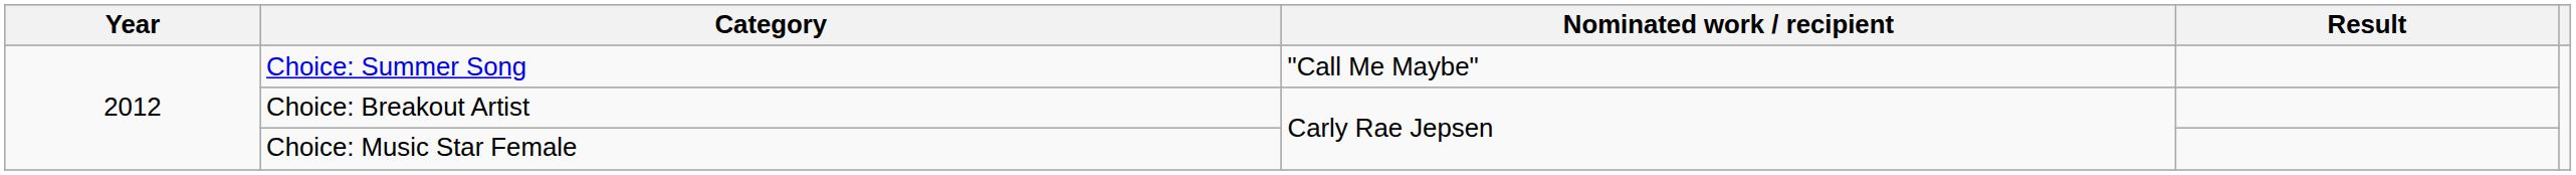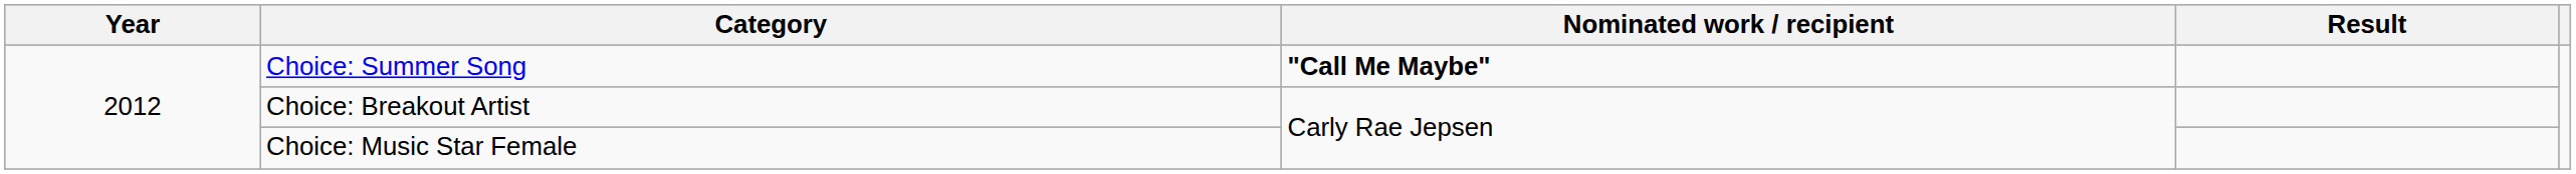 <table width="80%" class="wikitable">
 <tr>
 <th style="width:10%;">Year</th>
 <th style="width:40%;">Category</th>
 <th style="width:35%;">Nominated work / recipient</th>
 <th style="width:15%;">Result</th>
 <th></th>
 </tr>
 <tr>
 <td rowspan="3" style="text-align:center;">2012</td>
 <td><a href='#'>Choice: Summer Song</a></td>
-<td>"Call Me Maybe"</td>
+<td><strong>"Call Me Maybe"</strong></td>
 <td></td>
 <td rowspan="3" style="text-align:center;"></td>
 </tr>
 <tr>
 <td>Choice: Breakout Artist</td>
 <td rowspan="2">Carly Rae Jepsen</td>
 <td></td>
 </tr>
 <tr>
 <td>Choice: Music Star Female</td>
 <td></td>
 </tr>
 </table>
